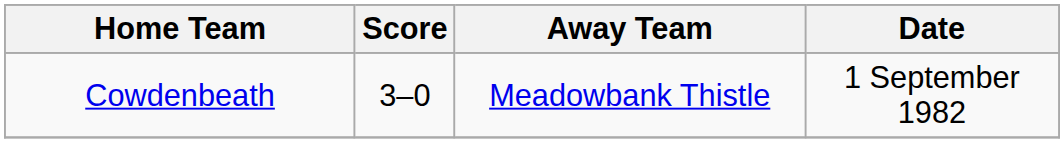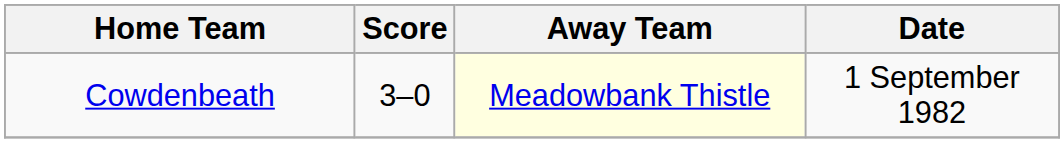 <table class="wikitable" style="text-align:center;">
 <tr>
 <th width=175>Home Team</th>
 <th width=20>Score</th>
 <th width=175>Away Team</th>
 <th width= 125>Date</th>
 </tr>
 <tr>
 <td><a href='#'>Cowdenbeath</a></td>
 <td>3–0</td>
-<td><a href='#'>Meadowbank Thistle</a></td>
+<td style="background: lightyellow;"><a href='#'>Meadowbank Thistle</a></td>
 <td>1 September 1982</td>
 </tr>
 <tr>
 </tr>
 </table>
